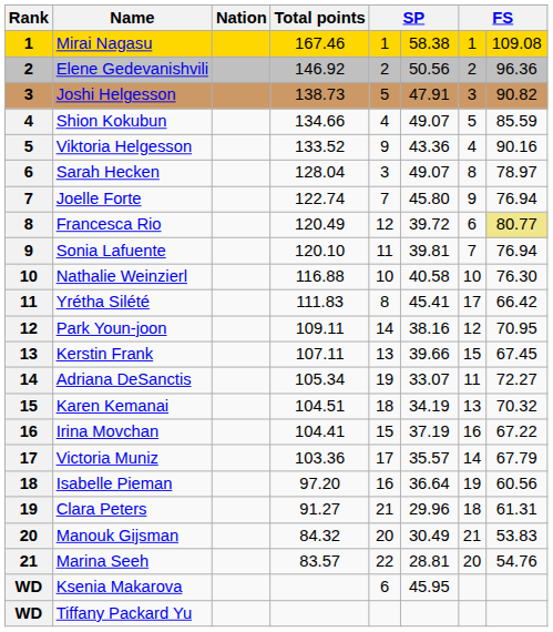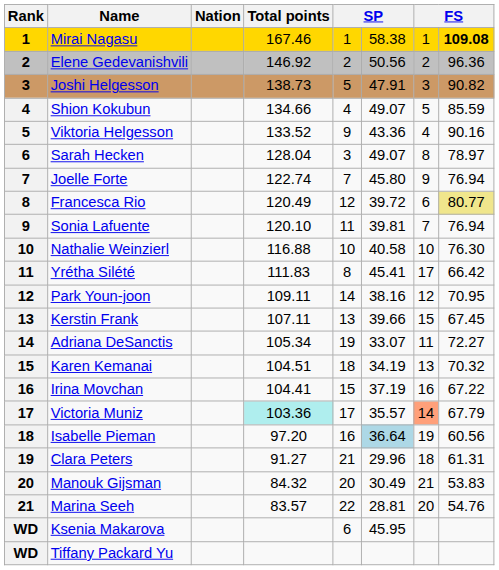 <table class="wikitable sortable">
 <tr>
 <th>Rank</th>
 <th>Name</th>
 <th>Nation</th>
 <th>Total points</th>
 <th colspan="2" width="80px"><a href='#'>SP</a></th>
 <th colspan="2" width="80px"><a href='#'>FS</a></th>
 </tr>
 <tr bgcolor="gold">
 <td align="center"><strong>1</strong></td>
 <td><a href='#'>Mirai Nagasu</a></td>
 <td></td>
 <td align="center">167.46</td>
 <td align="center">1</td>
 <td align="center">58.38</td>
 <td align="center">1</td>
-<td align="center">109.08</td>
+<td align="center"><strong>109.08</strong></td>
 </tr>
 <tr bgcolor="silver">
 <td align="center"><strong>2</strong></td>
 <td><a href='#'>Elene Gedevanishvili</a></td>
 <td></td>
 <td align="center">146.92</td>
 <td align="center">2</td>
 <td align="center">50.56</td>
 <td align="center">2</td>
 <td align="center">96.36</td>
 </tr>
 <tr bgcolor="cc9966">
 <td align="center"><strong>3</strong></td>
 <td><a href='#'>Joshi Helgesson</a></td>
 <td></td>
 <td align="center">138.73</td>
 <td align="center">5</td>
 <td align="center">47.91</td>
 <td align="center">3</td>
 <td align="center">90.82</td>
 </tr>
 <tr>
 <th>4</th>
 <td><a href='#'>Shion Kokubun</a></td>
 <td></td>
 <td align="center">134.66</td>
 <td align="center">4</td>
 <td align="center">49.07</td>
 <td align="center">5</td>
 <td align="center">85.59</td>
 </tr>
 <tr>
 <th>5</th>
 <td><a href='#'>Viktoria Helgesson</a></td>
 <td></td>
 <td align="center">133.52</td>
 <td align="center">9</td>
 <td align="center">43.36</td>
 <td align="center">4</td>
 <td align="center">90.16</td>
 </tr>
 <tr>
 <th>6</th>
 <td><a href='#'>Sarah Hecken</a></td>
 <td></td>
 <td align="center">128.04</td>
 <td align="center">3</td>
 <td align="center">49.07</td>
 <td align="center">8</td>
 <td align="center">78.97</td>
 </tr>
 <tr>
 <th>7</th>
 <td><a href='#'>Joelle Forte</a></td>
 <td></td>
 <td align="center">122.74</td>
 <td align="center">7</td>
 <td align="center">45.80</td>
 <td align="center">9</td>
 <td align="center">76.94</td>
 </tr>
 <tr>
 <th>8</th>
 <td><a href='#'>Francesca Rio</a></td>
 <td></td>
 <td align="center">120.49</td>
 <td align="center">12</td>
 <td align="center">39.72</td>
 <td align="center">6</td>
 <td align="center" style="background: khaki;">80.77</td>
 </tr>
 <tr>
 <th>9</th>
 <td><a href='#'>Sonia Lafuente</a></td>
 <td></td>
 <td align="center">120.10</td>
 <td align="center">11</td>
 <td align="center">39.81</td>
 <td align="center">7</td>
 <td align="center">76.94</td>
 </tr>
 <tr>
 <th>10</th>
 <td><a href='#'>Nathalie Weinzierl</a></td>
 <td></td>
 <td align="center">116.88</td>
 <td align="center">10</td>
 <td align="center">40.58</td>
 <td align="center">10</td>
 <td align="center">76.30</td>
 </tr>
 <tr>
 <th>11</th>
 <td><a href='#'>Yrétha Silété</a></td>
 <td></td>
 <td align="center">111.83</td>
 <td align="center">8</td>
 <td align="center">45.41</td>
 <td align="center">17</td>
 <td align="center">66.42</td>
 </tr>
 <tr>
 <th>12</th>
 <td><a href='#'>Park Youn-joon</a></td>
 <td></td>
 <td align="center">109.11</td>
 <td align="center">14</td>
 <td align="center">38.16</td>
 <td align="center">12</td>
 <td align="center">70.95</td>
 </tr>
 <tr>
 <th>13</th>
 <td><a href='#'>Kerstin Frank</a></td>
 <td></td>
 <td align="center">107.11</td>
 <td align="center">13</td>
 <td align="center">39.66</td>
 <td align="center">15</td>
 <td align="center">67.45</td>
 </tr>
 <tr>
 <th>14</th>
 <td><a href='#'>Adriana DeSanctis</a></td>
 <td></td>
 <td align="center">105.34</td>
 <td align="center">19</td>
 <td align="center">33.07</td>
 <td align="center">11</td>
 <td align="center">72.27</td>
 </tr>
 <tr>
 <th>15</th>
 <td><a href='#'>Karen Kemanai</a></td>
 <td></td>
 <td align="center">104.51</td>
 <td align="center">18</td>
 <td align="center">34.19</td>
 <td align="center">13</td>
 <td align="center">70.32</td>
 </tr>
 <tr>
 <th>16</th>
 <td><a href='#'>Irina Movchan</a></td>
 <td></td>
 <td align="center">104.41</td>
 <td align="center">15</td>
 <td align="center">37.19</td>
 <td align="center">16</td>
 <td align="center">67.22</td>
 </tr>
 <tr>
 <th>17</th>
 <td><a href='#'>Victoria Muniz</a></td>
 <td></td>
-<td align="center">103.36</td>
+<td align="center" style="background: paleturquoise;">103.36</td>
 <td align="center">17</td>
 <td align="center">35.57</td>
-<td align="center">14</td>
+<td align="center" style="background: lightsalmon;">14</td>
 <td align="center">67.79</td>
 </tr>
 <tr>
 <th>18</th>
 <td><a href='#'>Isabelle Pieman</a></td>
 <td></td>
 <td align="center">97.20</td>
 <td align="center">16</td>
-<td align="center">36.64</td>
+<td align="center" style="background: lightblue;">36.64</td>
 <td align="center">19</td>
 <td align="center">60.56</td>
 </tr>
 <tr>
 <th>19</th>
 <td><a href='#'>Clara Peters</a></td>
 <td></td>
 <td align="center">91.27</td>
 <td align="center">21</td>
 <td align="center">29.96</td>
 <td align="center">18</td>
 <td align="center">61.31</td>
 </tr>
 <tr>
 <th>20</th>
 <td><a href='#'>Manouk Gijsman</a></td>
 <td></td>
 <td align="center">84.32</td>
 <td align="center">20</td>
 <td align="center">30.49</td>
 <td align="center">21</td>
 <td align="center">53.83</td>
 </tr>
 <tr>
 <th>21</th>
 <td><a href='#'>Marina Seeh</a></td>
 <td></td>
 <td align="center">83.57</td>
 <td align="center">22</td>
 <td align="center">28.81</td>
 <td align="center">20</td>
 <td align="center">54.76</td>
 </tr>
 <tr>
 <th>WD</th>
 <td><a href='#'>Ksenia Makarova</a></td>
 <td></td>
 <td align="center"></td>
 <td align="center">6</td>
 <td align="center">45.95</td>
 <td align="center"></td>
 <td align="center"></td>
 </tr>
 <tr>
 <th>WD</th>
 <td><a href='#'>Tiffany Packard Yu</a></td>
 <td></td>
 <td align="center"></td>
 <td align="center"></td>
 <td align="center"></td>
 <td align="center"></td>
 <td align="center"></td>
 </tr>
 </table>
